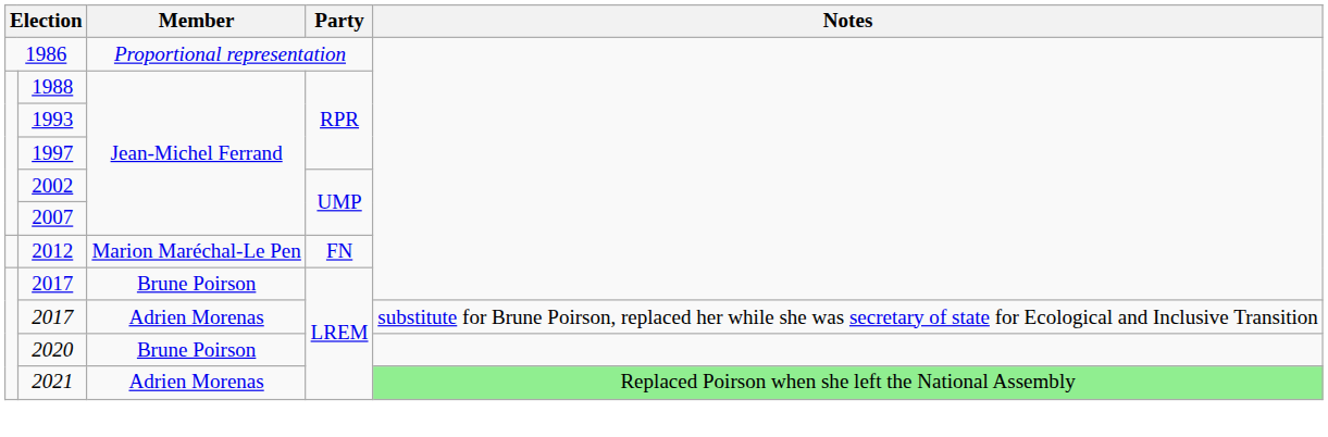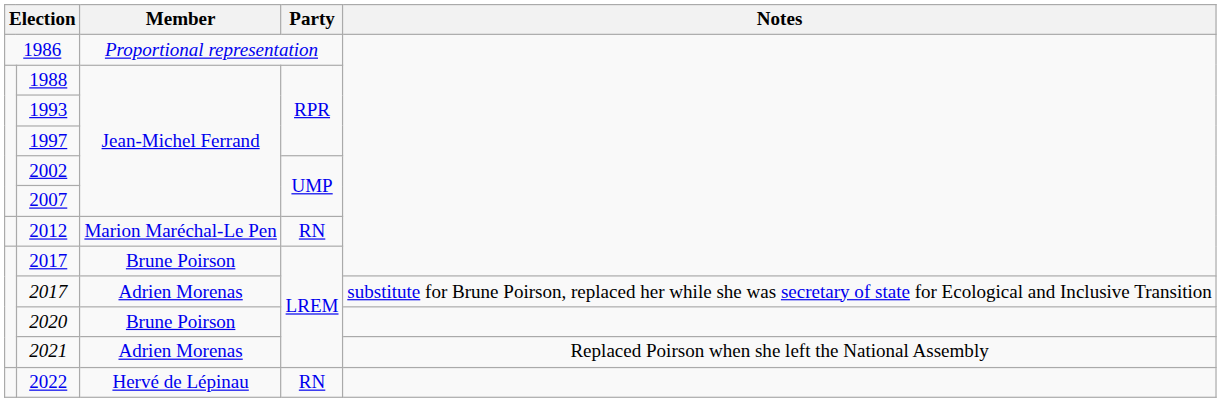 <table class="wikitable" style="text-align:center;">
 <tr>
 <th colspan="2">Election</th>
 <th>Member</th>
 <th>Party</th>
 <th>Notes</th>
 </tr>
 <tr>
 <td colspan="2"><a href='#'>1986</a></td>
 <td colspan="2"><em><a href='#'>Proportional representation</a></em></td>
 </tr>
 <tr>
 <td rowspan="5" style="background-color:"></td>
 <td><a href='#'>1988</a></td>
 <td rowspan="5"><a href='#'>Jean-Michel Ferrand</a></td>
 <td rowspan="3"><a href='#'>RPR</a></td>
 </tr>
 <tr>
 <td><a href='#'>1993</a></td>
 </tr>
 <tr>
 <td><a href='#'>1997</a></td>
 </tr>
 <tr>
 <td><a href='#'>2002</a></td>
 <td rowspan="2"><a href='#'>UMP</a></td>
 </tr>
 <tr>
 <td><a href='#'>2007</a></td>
 </tr>
 <tr>
 <td style="background-color:"></td>
 <td><a href='#'>2012</a></td>
 <td><a href='#'>Marion Maréchal-Le Pen</a></td>
-<td><a href='#'>FN</a></td>
+<td><a href='#'>RN</a></td>
 </tr>
 <tr>
 <td rowspan=4 style="background-color:"></td>
 <td><a href='#'>2017</a></td>
 <td><a href='#'>Brune Poirson</a></td>
 <td rowspan=4><a href='#'>LREM</a></td>
 </tr>
 <tr>
 <td><em>2017</em></td>
 <td><a href='#'>Adrien Morenas</a></td>
 <td><a href='#'>substitute</a> for Brune Poirson, replaced her while she was <a href='#'>secretary of state</a> for Ecological and Inclusive Transition</td>
 </tr>
 <tr>
 <td><em>2020</em></td>
 <td><a href='#'>Brune Poirson</a></td>
 </tr>
 <tr>
 <td><em>2021</em></td>
 <td><a href='#'>Adrien Morenas</a></td>
-<td style="background: lightgreen;">Replaced Poirson when she left the National Assembly</td>
+<td>Replaced Poirson when she left the National Assembly</td>
+</tr>
+<tr>
+<td style="background-color:"></td>
+<td><a href='#'>2022</a></td>
+<td><a href='#'>Hervé de Lépinau</a></td>
+<td><a href='#'>RN</a></td>
+<td></td>
 </tr>
 </table>
